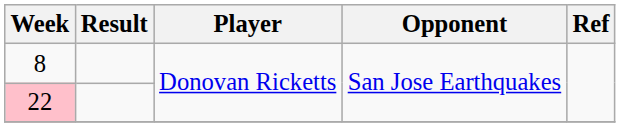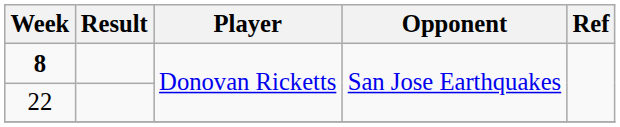 <table class=wikitable>
 <tr>
 <th>Week</th>
 <th>Result</th>
 <th>Player</th>
 <th>Opponent</th>
 <th>Ref</th>
 </tr>
 <tr>
-<td align=center>8</td>
+<td align=center><strong>8</strong></td>
 <td></td>
 <td rowspan=2> <a href='#'>Donovan Ricketts</a></td>
 <td rowspan=2><a href='#'>San Jose Earthquakes</a></td>
 <td rowspan=2></td>
 </tr>
 <tr>
-<td align=center style="background: pink;">22</td>
+<td align=center>22</td>
 <td></td>
 </tr>
 <tr>
 </tr>
 </table>
